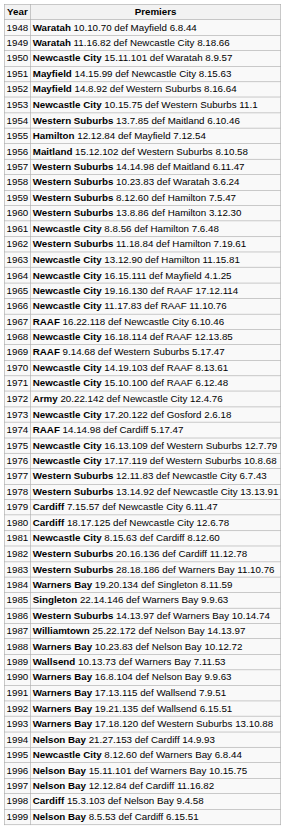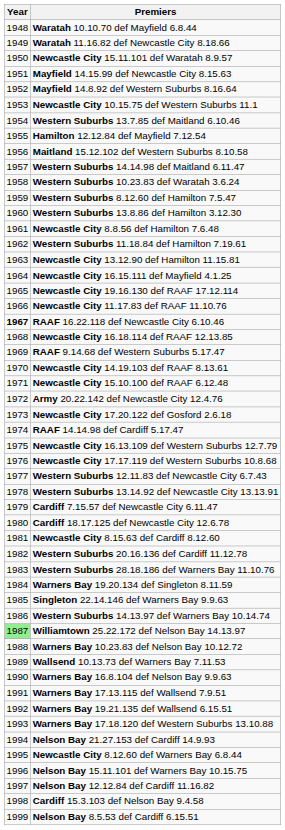 <table class="wikitable">
 <tr>
 <th>Year</th>
 <th>Premiers</th>
 </tr>
 <tr>
 <td>1948</td>
 <td><strong>Waratah</strong> 10.10.70 def Mayfield 6.8.44</td>
 </tr>
 <tr>
 <td>1949</td>
 <td><strong>Waratah</strong> 11.16.82 def Newcastle City 8.18.66</td>
 </tr>
 <tr>
 <td>1950</td>
 <td><strong>Newcastle City</strong> 15.11.101 def Waratah 8.9.57</td>
 </tr>
 <tr>
 <td>1951</td>
 <td><strong>Mayfield</strong> 14.15.99 def Newcastle City 8.15.63</td>
 </tr>
 <tr>
 <td>1952</td>
 <td><strong>Mayfield</strong> 14.8.92 def Western Suburbs 8.16.64</td>
 </tr>
 <tr>
 <td>1953</td>
 <td><strong>Newcastle City</strong> 10.15.75 def Western Suburbs 11.1</td>
 </tr>
 <tr>
 <td>1954</td>
 <td><strong>Western Suburbs</strong> 13.7.85 def Maitland 6.10.46</td>
 </tr>
 <tr>
 <td>1955</td>
 <td><strong>Hamilton</strong> 12.12.84 def Mayfield 7.12.54</td>
 </tr>
 <tr>
 <td>1956</td>
 <td><strong>Maitland</strong> 15.12.102 def Western Suburbs 8.10.58</td>
 </tr>
 <tr>
 <td>1957</td>
 <td><strong>Western Suburbs</strong> 14.14.98 def Maitland 6.11.47</td>
 </tr>
 <tr>
 <td>1958</td>
 <td><strong>Western Suburbs</strong> 10.23.83 def Waratah 3.6.24</td>
 </tr>
 <tr>
 <td>1959</td>
 <td><strong>Western Suburbs</strong> 8.12.60 def Hamilton 7.5.47</td>
 </tr>
 <tr>
 <td>1960</td>
 <td><strong>Western Suburbs</strong> 13.8.86 def Hamilton 3.12.30</td>
 </tr>
 <tr>
 <td>1961</td>
 <td><strong>Newcastle City</strong> 8.8.56 def Hamilton 7.6.48</td>
 </tr>
 <tr>
 <td>1962</td>
 <td><strong>Western Suburbs</strong> 11.18.84 def Hamilton 7.19.61</td>
 </tr>
 <tr>
 <td>1963</td>
 <td><strong>Newcastle City</strong> 13.12.90 def Hamilton 11.15.81</td>
 </tr>
 <tr>
 <td>1964</td>
 <td><strong>Newcastle City</strong> 16.15.111 def Mayfield 4.1.25</td>
 </tr>
 <tr>
 <td>1965</td>
 <td><strong>Newcastle City</strong> 19.16.130 def RAAF 17.12.114</td>
 </tr>
 <tr>
 <td>1966</td>
 <td><strong>Newcastle City</strong> 11.17.83 def RAAF 11.10.76</td>
 </tr>
 <tr>
-<td>1967</td>
+<td><strong>1967</strong></td>
 <td><strong>RAAF</strong> 16.22.118 def Newcastle City 6.10.46</td>
 </tr>
 <tr>
 <td>1968</td>
 <td><strong>Newcastle City</strong> 16.18.114 def RAAF 12.13.85</td>
 </tr>
 <tr>
 <td>1969</td>
 <td><strong>RAAF</strong> 9.14.68 def Western Suburbs 5.17.47</td>
 </tr>
 <tr>
 <td>1970</td>
 <td><strong>Newcastle City</strong> 14.19.103 def RAAF 8.13.61</td>
 </tr>
 <tr>
 <td>1971</td>
 <td><strong>Newcastle City</strong> 15.10.100 def RAAF 6.12.48</td>
 </tr>
 <tr>
 <td>1972</td>
 <td><strong>Army</strong> 20.22.142 def Newcastle City 12.4.76</td>
 </tr>
 <tr>
 <td>1973</td>
 <td><strong>Newcastle City</strong> 17.20.122 def Gosford 2.6.18</td>
 </tr>
 <tr>
 <td>1974</td>
 <td><strong>RAAF</strong> 14.14.98 def Cardiff 5.17.47</td>
 </tr>
 <tr>
 <td>1975</td>
 <td><strong>Newcastle City</strong> 16.13.109 def Western Suburbs 12.7.79</td>
 </tr>
 <tr>
 <td>1976</td>
 <td><strong>Newcastle City</strong> 17.17.119 def Western Suburbs 10.8.68</td>
 </tr>
 <tr>
 <td>1977</td>
 <td><strong>Western Suburbs</strong> 12.11.83 def Newcastle City 6.7.43</td>
 </tr>
 <tr>
 <td>1978</td>
 <td><strong>Western Suburbs</strong> 13.14.92 def Newcastle City 13.13.91</td>
 </tr>
 <tr>
 <td>1979</td>
 <td><strong>Cardiff</strong> 7.15.57 def Newcastle City 6.11.47</td>
 </tr>
 <tr>
 <td>1980</td>
 <td><strong>Cardiff</strong> 18.17.125 def Newcastle City 12.6.78</td>
 </tr>
 <tr>
 <td>1981</td>
 <td><strong>Newcastle City</strong> 8.15.63 def Cardiff 8.12.60</td>
 </tr>
 <tr>
 <td>1982</td>
 <td><strong>Western Suburbs</strong> 20.16.136 def Cardiff 11.12.78</td>
 </tr>
 <tr>
 <td>1983</td>
 <td><strong>Western Suburbs</strong> 28.18.186 def Warners Bay 11.10.76</td>
 </tr>
 <tr>
 <td>1984</td>
 <td><strong>Warners Bay</strong> 19.20.134 def Singleton 8.11.59</td>
 </tr>
 <tr>
 <td>1985</td>
 <td><strong>Singleton</strong> 22.14.146 def Warners Bay 9.9.63</td>
 </tr>
 <tr>
 <td>1986</td>
 <td><strong>Western Suburbs</strong> 14.13.97 def Warners Bay 10.14.74</td>
 </tr>
 <tr>
-<td>1987</td>
+<td style="background: lightgreen;">1987</td>
 <td><strong>Williamtown</strong> 25.22.172 def Nelson Bay 14.13.97</td>
 </tr>
 <tr>
 <td>1988</td>
 <td><strong>Warners Bay</strong> 10.23.83 def Nelson Bay 10.12.72</td>
 </tr>
 <tr>
 <td>1989</td>
 <td><strong>Wallsend</strong> 10.13.73 def Warners Bay 7.11.53</td>
 </tr>
 <tr>
 <td>1990</td>
 <td><strong>Warners Bay</strong> 16.8.104 def Nelson Bay 9.9.63</td>
 </tr>
 <tr>
 <td>1991</td>
 <td><strong>Warners Bay</strong> 17.13.115 def Wallsend 7.9.51</td>
 </tr>
 <tr>
 <td>1992</td>
 <td><strong>Warners Bay</strong> 19.21.135 def Wallsend 6.15.51</td>
 </tr>
 <tr>
 <td>1993</td>
 <td><strong>Warners Bay</strong> 17.18.120 def Western Suburbs 13.10.88</td>
 </tr>
 <tr>
 <td>1994</td>
 <td><strong>Nelson Bay</strong> 21.27.153 def Cardiff 14.9.93</td>
 </tr>
 <tr>
 <td>1995</td>
 <td><strong>Newcastle City</strong> 8.12.60 def Warners Bay 6.8.44</td>
 </tr>
 <tr>
 <td>1996</td>
 <td><strong>Nelson Bay</strong> 15.11.101 def Warners Bay 10.15.75</td>
 </tr>
 <tr>
 <td>1997</td>
 <td><strong>Nelson Bay</strong> 12.12.84 def Cardiff 11.16.82</td>
 </tr>
 <tr>
 <td>1998</td>
 <td><strong>Cardiff</strong> 15.3.103 def Nelson Bay 9.4.58</td>
 </tr>
 <tr>
 <td>1999</td>
 <td><strong>Nelson Bay</strong> 8.5.53 def Cardiff  6.15.51</td>
 </tr>
 </table>
